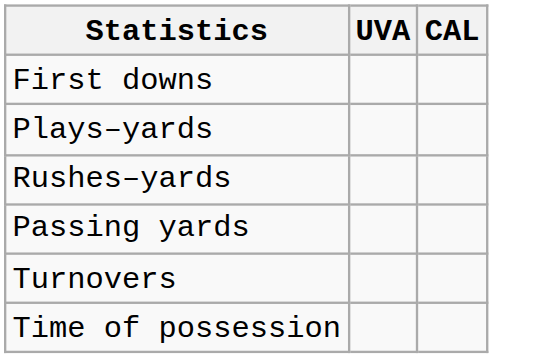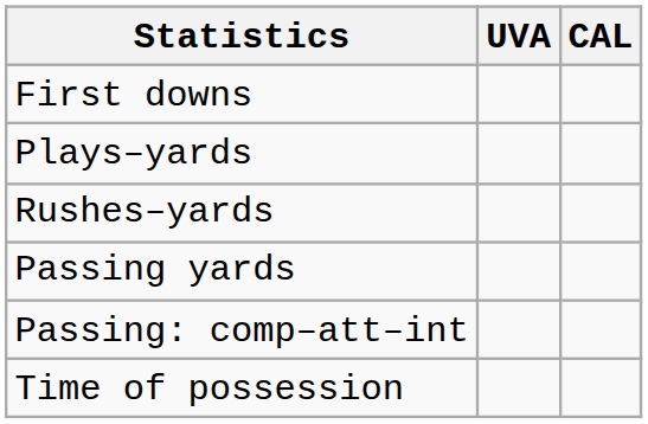 <table class="wikitable" style="float:left">
 <tr>
 <th>Statistics</th>
 <th>UVA</th>
 <th>CAL</th>
 </tr>
 <tr>
 <td>First downs</td>
 <td></td>
 <td></td>
 </tr>
 <tr>
 <td>Plays–yards</td>
 <td></td>
 <td></td>
 </tr>
 <tr>
 <td>Rushes–yards</td>
 <td></td>
 <td></td>
 </tr>
 <tr>
 <td>Passing yards</td>
 <td></td>
 <td></td>
 </tr>
 <tr>
-<td>Turnovers</td>
+<td>Passing: comp–att–int</td>
 <td></td>
 <td></td>
 </tr>
 <tr>
 <td>Time of possession</td>
 <td></td>
 <td></td>
 </tr>
 </table>
